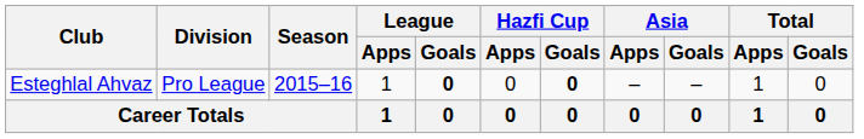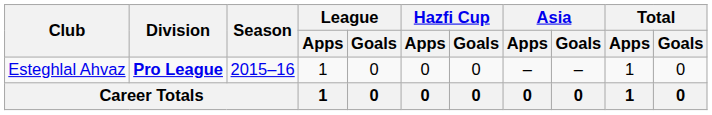 <table class="wikitable" style="text-align: center;">
 <tr>
 <th rowspan="2">Club</th>
 <th rowspan="2">Division</th>
 <th rowspan="2">Season</th>
 <th colspan="2">League</th>
 <th colspan="2"><a href='#'>Hazfi Cup</a></th>
 <th colspan="2"><a href='#'>Asia</a></th>
 <th colspan="2">Total</th>
 </tr>
 <tr>
 <th>Apps</th>
 <th>Goals</th>
 <th>Apps</th>
 <th>Goals</th>
 <th>Apps</th>
 <th>Goals</th>
 <th>Apps</th>
 <th>Goals</th>
 </tr>
 <tr>
 <td><a href='#'>Esteghlal Ahvaz</a></td>
-<td><a href='#'>Pro League</a></td>
+<td><strong><a href='#'>Pro League</a></strong></td>
 <td><a href='#'>2015–16</a></td>
 <td>1</td>
-<td><strong>0</strong></td>
 <td>0</td>
-<td><strong>0</strong></td>
+<td>0</td>
+<td>0</td>
 <td>–</td>
 <td>–</td>
 <td>1</td>
 <td>0</td>
 </tr>
 <tr>
 <th colspan=3>Career Totals</th>
 <th>1</th>
 <th>0</th>
 <th>0</th>
 <th>0</th>
 <th>0</th>
 <th>0</th>
 <th>1</th>
 <th>0</th>
 </tr>
 </table>
